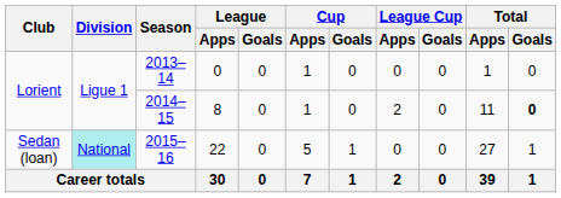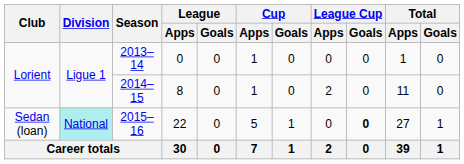 <table class="wikitable" style="text-align:center">
 <tr>
 <th rowspan="2">Club</th>
 <th rowspan="2"><a href='#'>Division</a></th>
 <th rowspan="2">Season</th>
 <th colspan="2">League</th>
 <th colspan="2"><a href='#'>Cup</a></th>
 <th colspan="2"><a href='#'>League Cup</a></th>
 <th colspan="2">Total</th>
 </tr>
 <tr>
 <th>Apps</th>
 <th>Goals</th>
 <th>Apps</th>
 <th>Goals</th>
 <th>Apps</th>
 <th>Goals</th>
 <th>Apps</th>
 <th>Goals</th>
 </tr>
 <tr>
 <td rowspan=2><a href='#'>Lorient</a></td>
 <td rowspan=2><a href='#'>Ligue 1</a></td>
 <td><a href='#'>2013–14</a></td>
 <td>0</td>
 <td>0</td>
 <td>1</td>
 <td>0</td>
 <td>0</td>
 <td>0</td>
 <td>1</td>
 <td>0</td>
 </tr>
 <tr>
 <td><a href='#'>2014–15</a></td>
 <td>8</td>
 <td>0</td>
 <td>1</td>
 <td>0</td>
 <td>2</td>
 <td>0</td>
 <td>11</td>
-<td><strong>0</strong></td>
+<td>0</td>
 </tr>
 <tr>
 <td><a href='#'>Sedan</a> (loan)</td>
 <td style="background: paleturquoise;"><a href='#'>National</a></td>
 <td><a href='#'>2015–16</a></td>
 <td>22</td>
 <td>0</td>
 <td>5</td>
 <td>1</td>
 <td>0</td>
-<td>0</td>
+<td><strong>0</strong></td>
 <td>27</td>
 <td>1</td>
 </tr>
 <tr>
 <th colspan=3>Career totals</th>
 <th>30</th>
 <th>0</th>
 <th>7</th>
 <th>1</th>
 <th>2</th>
 <th>0</th>
 <th>39</th>
 <th>1</th>
 </tr>
 </table>
